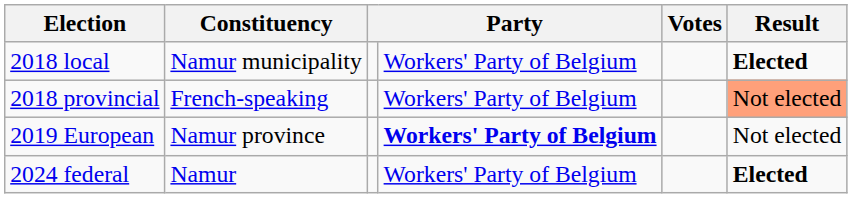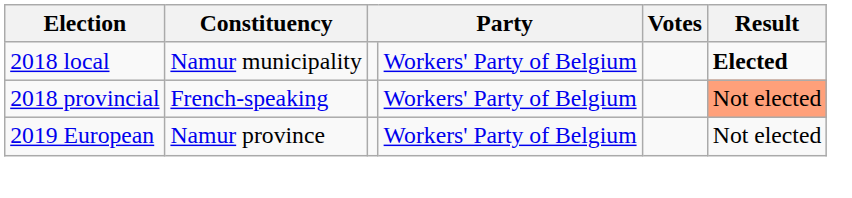 <table class="wikitable" style="text-align:left;">
 <tr>
 <th scope=col>Election</th>
 <th scope=col>Constituency</th>
 <th scope=col colspan="2">Party</th>
 <th scope=col>Votes</th>
 <th scope=col>Result</th>
 </tr>
 <tr>
 <td><a href='#'>2018 local</a></td>
 <td><a href='#'>Namur</a> municipality</td>
 <td style="background:"></td>
 <td><a href='#'>Workers' Party of Belgium</a></td>
 <td align=right></td>
 <td><strong>Elected</strong></td>
 </tr>
 <tr>
 <td><a href='#'>2018 provincial</a></td>
 <td><a href='#'>French-speaking</a></td>
 <td style="background:"></td>
 <td><a href='#'>Workers' Party of Belgium</a></td>
 <td align=right></td>
 <td style="background: lightsalmon;">Not elected</td>
 </tr>
 <tr>
 <td><a href='#'>2019 European</a></td>
 <td><a href='#'>Namur</a> province</td>
 <td style="background:"></td>
-<td><strong><a href='#'>Workers' Party of Belgium</a></strong></td>
+<td><a href='#'>Workers' Party of Belgium</a></td>
 <td align=right></td>
 <td>Not elected</td>
 </tr>
-<tr>
-<td><a href='#'>2024 federal</a></td>
-<td><a href='#'>Namur</a></td>
-<td style="background:"></td>
-<td><a href='#'>Workers' Party of Belgium</a></td>
-<td align=right></td>
-<td><strong>Elected</strong></td>
-</tr>
 </table>
